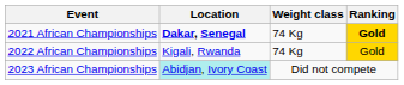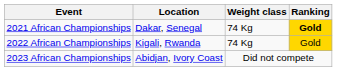 <table class="wikitable sortable">
 <tr>
 <th>Event</th>
 <th>Location</th>
 <th>Weight class</th>
 <th>Ranking</th>
 </tr>
 <tr>
 <td><a href='#'>2021 African Championships</a></td>
-<td><strong><a href='#'>Dakar</a>, <a href='#'>Senegal</a></strong></td>
+<td><a href='#'>Dakar</a>, <a href='#'>Senegal</a></td>
 <td>74 Kg</td>
 <td bgcolor="gold" align="center"><strong>Gold</strong></td>
 </tr>
 <tr>
 <td><a href='#'>2022 African Championships</a></td>
 <td><a href='#'>Kigali</a>, <a href='#'>Rwanda</a></td>
 <td>74 Kg</td>
 <td bgcolor="gold" align="center">Gold</td>
 </tr>
 <tr>
 <td><a href='#'>2023 African Championships</a></td>
-<td style="background: paleturquoise;"><a href='#'>Abidjan</a>, <a href='#'>Ivory Coast</a></td>
+<td><a href='#'>Abidjan</a>, <a href='#'>Ivory Coast</a></td>
 <td colspan="2" align="center">Did not compete</td>
 </tr>
 </table>
